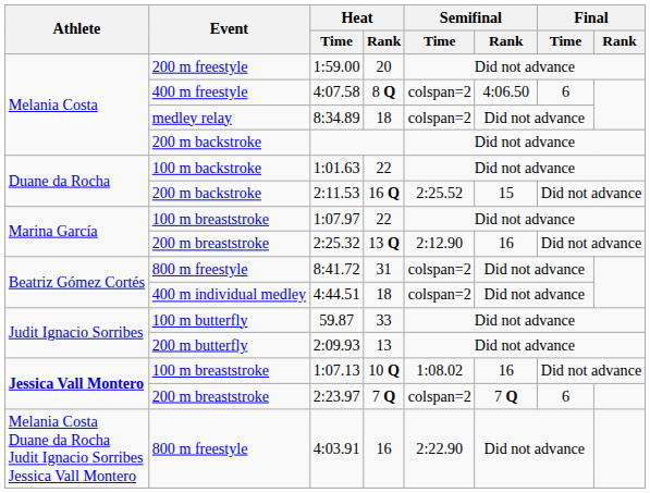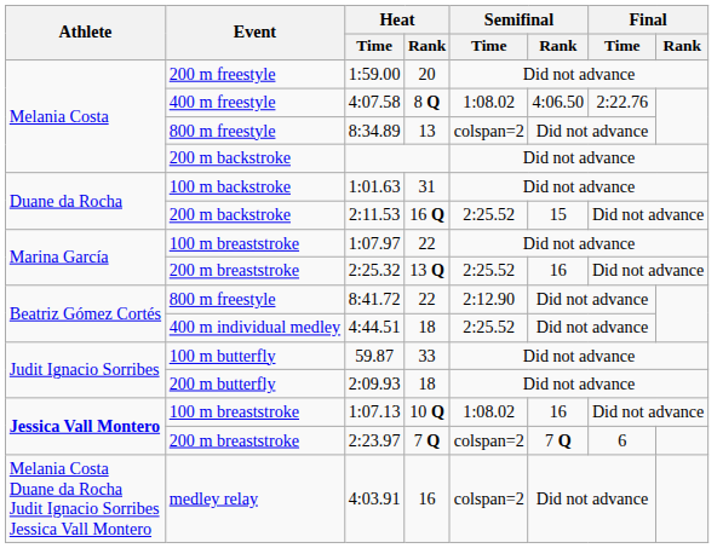 <table class=wikitable style="font-size:90%">
 <tr>
 <th rowspan="2">Athlete</th>
 <th rowspan="2">Event</th>
 <th colspan="2">Heat</th>
 <th colspan="2">Semifinal</th>
 <th colspan="2">Final</th>
 </tr>
 <tr style="font-size:95%">
 <th>Time</th>
 <th>Rank</th>
 <th>Time</th>
 <th>Rank</th>
 <th>Time</th>
 <th>Rank</th>
 </tr>
 <tr align=center>
 <td align=left rowspan=4><a href='#'>Melania Costa</a></td>
 <td align=left><a href='#'>200 m freestyle</a></td>
 <td>1:59.00</td>
 <td>20</td>
 <td colspan=4>Did not advance</td>
 </tr>
 <tr align=center>
 <td align=left><a href='#'>400 m freestyle</a></td>
 <td>4:07.58</td>
 <td>8 <strong>Q</strong></td>
-<td>colspan=2 </td>
+<td>1:08.02</td>
 <td>4:06.50</td>
-<td>6</td>
+<td>2:22.76</td>
 </tr>
 <tr align=center>
-<td align=left><a href='#'> medley relay</a></td>
+<td align=left><a href='#'>800 m freestyle</a></td>
 <td>8:34.89</td>
-<td>18</td>
+<td>13</td>
 <td>colspan=2 </td>
 <td colspan=2>Did not advance</td>
 </tr>
 <tr align=center>
 <td align=left><a href='#'>200 m backstroke</a></td>
 <td colspan=2></td>
 <td colspan=4>Did not advance</td>
 </tr>
 <tr align=center>
 <td align=left rowspan=2><a href='#'>Duane da Rocha</a></td>
 <td align=left><a href='#'>100 m backstroke</a></td>
 <td>1:01.63</td>
-<td>22</td>
+<td>31</td>
 <td colspan=4>Did not advance</td>
 </tr>
 <tr align=center>
 <td align=left><a href='#'>200 m backstroke</a></td>
 <td>2:11.53</td>
 <td>16 <strong>Q</strong></td>
 <td>2:25.52</td>
 <td>15</td>
 <td colspan=2>Did not advance</td>
 </tr>
 <tr align=center>
 <td align=left rowspan=2><a href='#'>Marina García</a></td>
 <td align=left><a href='#'>100 m breaststroke</a></td>
 <td>1:07.97</td>
 <td>22</td>
 <td colspan=4>Did not advance</td>
 </tr>
 <tr align=center>
 <td align=left><a href='#'>200 m breaststroke</a></td>
 <td>2:25.32</td>
 <td>13 <strong>Q</strong></td>
-<td>2:12.90</td>
+<td>2:25.52</td>
 <td>16</td>
 <td colspan=2>Did not advance</td>
 </tr>
 <tr align=center>
 <td align=left rowspan=2><a href='#'>Beatriz Gómez Cortés</a></td>
 <td align=left><a href='#'>800 m freestyle</a></td>
 <td>8:41.72</td>
-<td>31</td>
-<td>colspan=2 </td>
+<td>22</td>
+<td>2:12.90</td>
 <td colspan=2>Did not advance</td>
 </tr>
 <tr align=center>
 <td align=left><a href='#'>400 m individual medley</a></td>
 <td>4:44.51</td>
 <td>18</td>
-<td>colspan=2 </td>
+<td>2:25.52</td>
 <td colspan=2>Did not advance</td>
 </tr>
 <tr align=center>
 <td align=left rowspan=2><a href='#'>Judit Ignacio Sorribes</a></td>
 <td align=left><a href='#'>100 m butterfly</a></td>
 <td>59.87</td>
 <td>33</td>
 <td colspan=4>Did not advance</td>
 </tr>
 <tr align=center>
 <td align=left><a href='#'>200 m butterfly</a></td>
 <td>2:09.93</td>
-<td>13</td>
+<td>18</td>
 <td colspan=4>Did not advance</td>
 </tr>
 <tr align=center>
 <td align=left rowspan=2><strong><a href='#'>Jessica Vall Montero</a></strong></td>
 <td align=left><a href='#'>100 m breaststroke</a></td>
 <td>1:07.13</td>
 <td>10 <strong>Q</strong></td>
 <td>1:08.02</td>
 <td>16</td>
 <td colspan=2>Did not advance</td>
 </tr>
 <tr align=center>
 <td align=left><a href='#'>200 m breaststroke</a></td>
 <td>2:23.97</td>
 <td>7 <strong>Q</strong></td>
 <td>colspan=2 </td>
 <td>7 <strong>Q</strong></td>
 <td>6</td>
 <td></td>
 </tr>
 <tr align=center>
 <td align=left><a href='#'>Melania Costa</a><br><a href='#'>Duane da Rocha</a><br><a href='#'>Judit Ignacio Sorribes</a><br><a href='#'>Jessica Vall Montero</a></td>
-<td align=left><a href='#'>800 m freestyle</a></td>
+<td align=left><a href='#'> medley relay</a></td>
 <td>4:03.91</td>
 <td>16</td>
-<td>2:22.90</td>
+<td>colspan=2 </td>
 <td colspan=2>Did not advance</td>
 </tr>
 </table>
